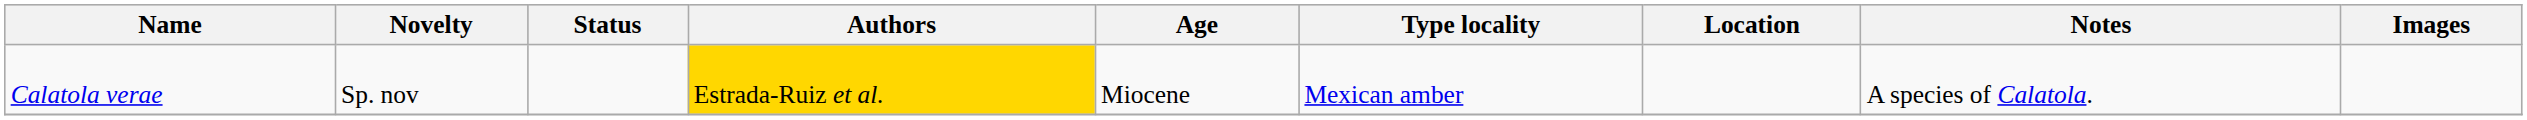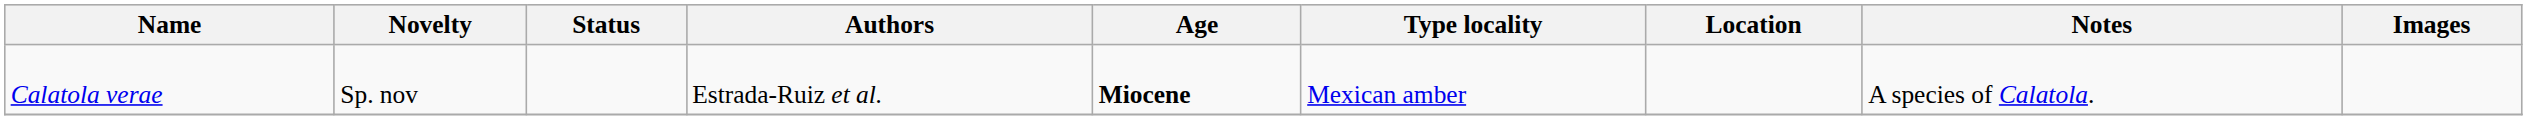 <table class="wikitable sortable" align="center" width="100%">
 <tr>
 <th>Name</th>
 <th>Novelty</th>
 <th>Status</th>
 <th>Authors</th>
 <th>Age</th>
 <th>Type locality</th>
 <th>Location</th>
 <th>Notes</th>
 <th>Images</th>
 </tr>
 <tr>
 <td><br><em><a href='#'>Calatola verae</a></em></td>
 <td><br>Sp. nov</td>
 <td></td>
-<td style="background: gold;"><br>Estrada-Ruiz <em>et al.</em></td>
-<td><br>Miocene</td>
+<td><br>Estrada-Ruiz <em>et al.</em></td>
+<td><strong><br>Miocene</strong></td>
 <td><br><a href='#'>Mexican amber</a></td>
 <td><br></td>
 <td><br>A species of <em><a href='#'>Calatola</a></em>.</td>
 <td></td>
 </tr>
 <tr>
 </tr>
 </table>
